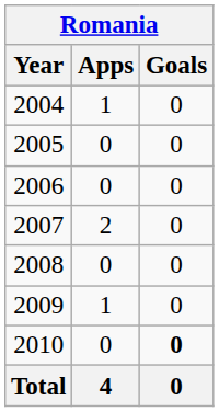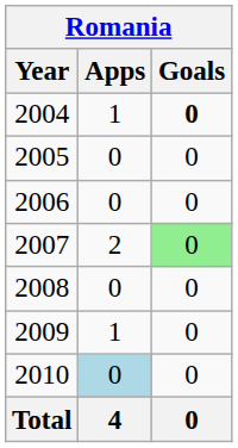 <table class="wikitable" style="text-align:center">
 <tr>
 <th colspan=3><a href='#'>Romania</a></th>
 </tr>
 <tr>
 <th>Year</th>
 <th>Apps</th>
 <th>Goals</th>
 </tr>
 <tr>
 <td>2004</td>
 <td>1</td>
-<td>0</td>
+<td><strong>0</strong></td>
 </tr>
 <tr>
 <td>2005</td>
 <td>0</td>
 <td>0</td>
 </tr>
 <tr>
 <td>2006</td>
 <td>0</td>
 <td>0</td>
 </tr>
 <tr>
 <td>2007</td>
 <td>2</td>
-<td>0</td>
+<td style="background: lightgreen;">0</td>
 </tr>
 <tr>
 <td>2008</td>
 <td>0</td>
 <td>0</td>
 </tr>
 <tr>
 <td>2009</td>
 <td>1</td>
 <td>0</td>
 </tr>
 <tr>
 <td>2010</td>
+<td style="background: lightblue;">0</td>
 <td>0</td>
-<td><strong>0</strong></td>
 </tr>
 <tr>
 <th>Total</th>
 <th>4</th>
 <th>0</th>
 </tr>
 </table>
